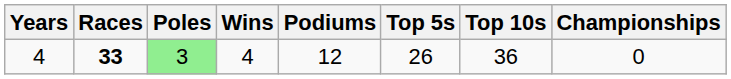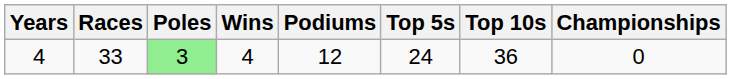 <table class="wikitable" style="text-align:center; font-size:95%">
 <tr>
 <th>Years</th>
 <th>Races</th>
 <th>Poles</th>
 <th>Wins</th>
 <th>Podiums<br></th>
 <th>Top 5s<br></th>
 <th>Top 10s<br></th>
 <th>Championships</th>
 </tr>
 <tr>
 <td>4</td>
-<td><strong>33</strong></td>
+<td>33</td>
 <td style="background: lightgreen;">3</td>
 <td>4</td>
 <td>12</td>
-<td>26</td>
+<td>24</td>
 <td>36</td>
 <td>0</td>
 </tr>
 </table>
